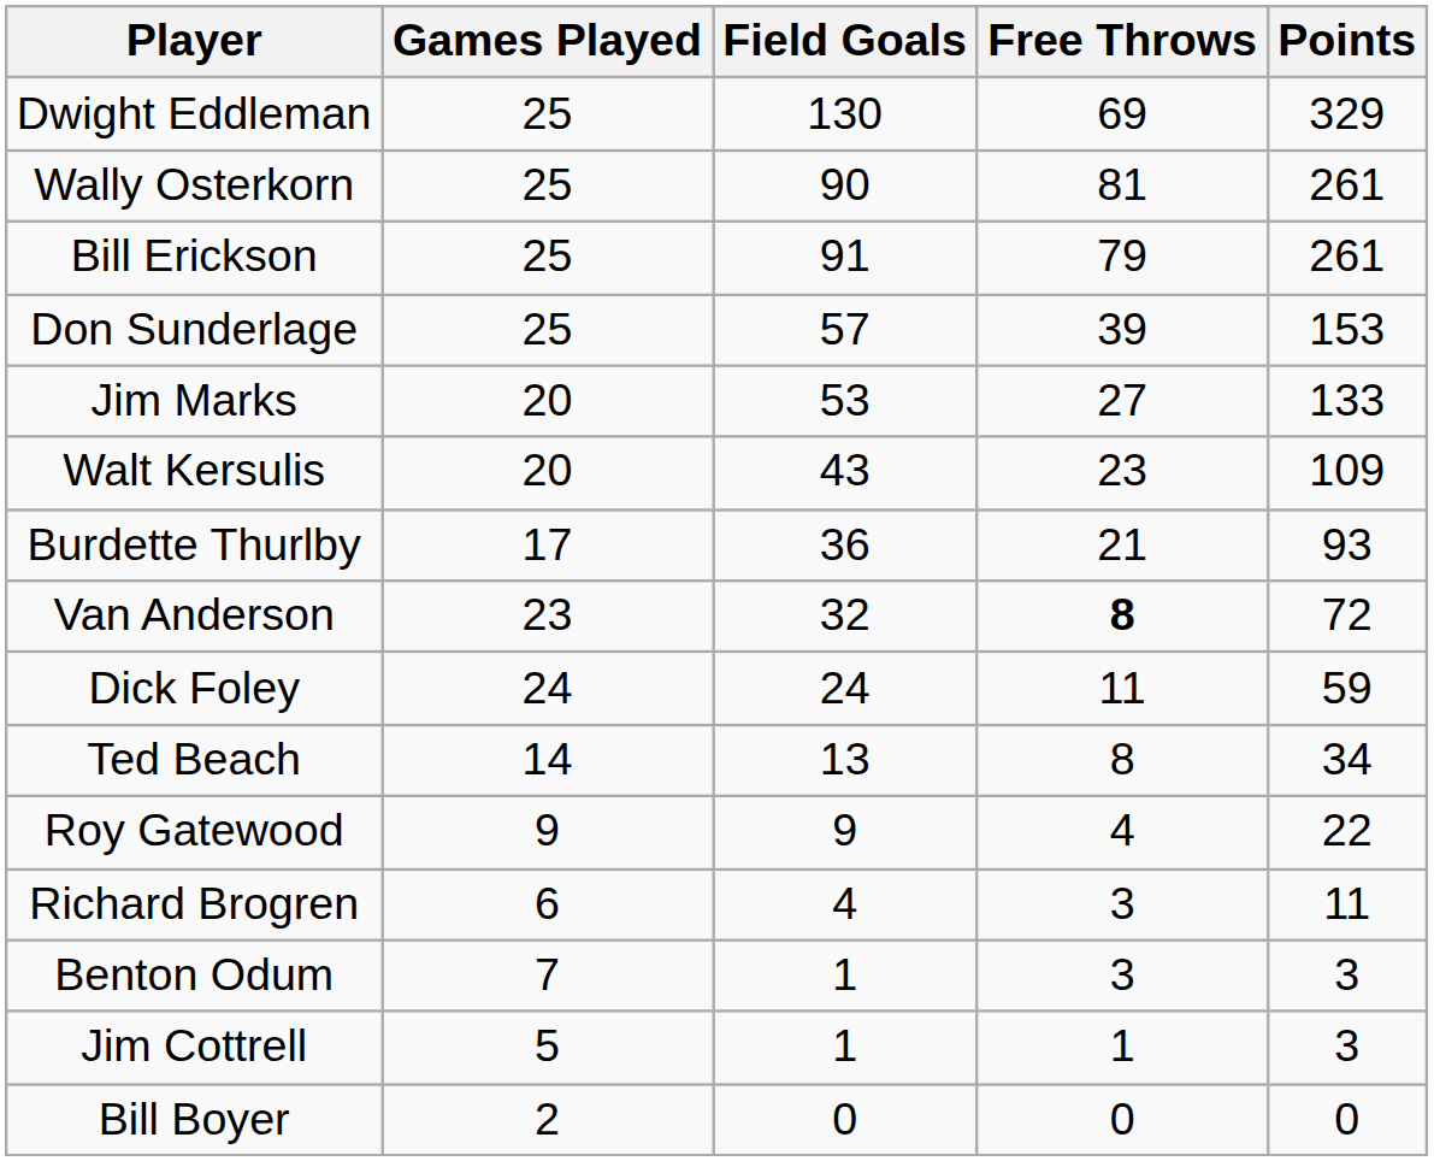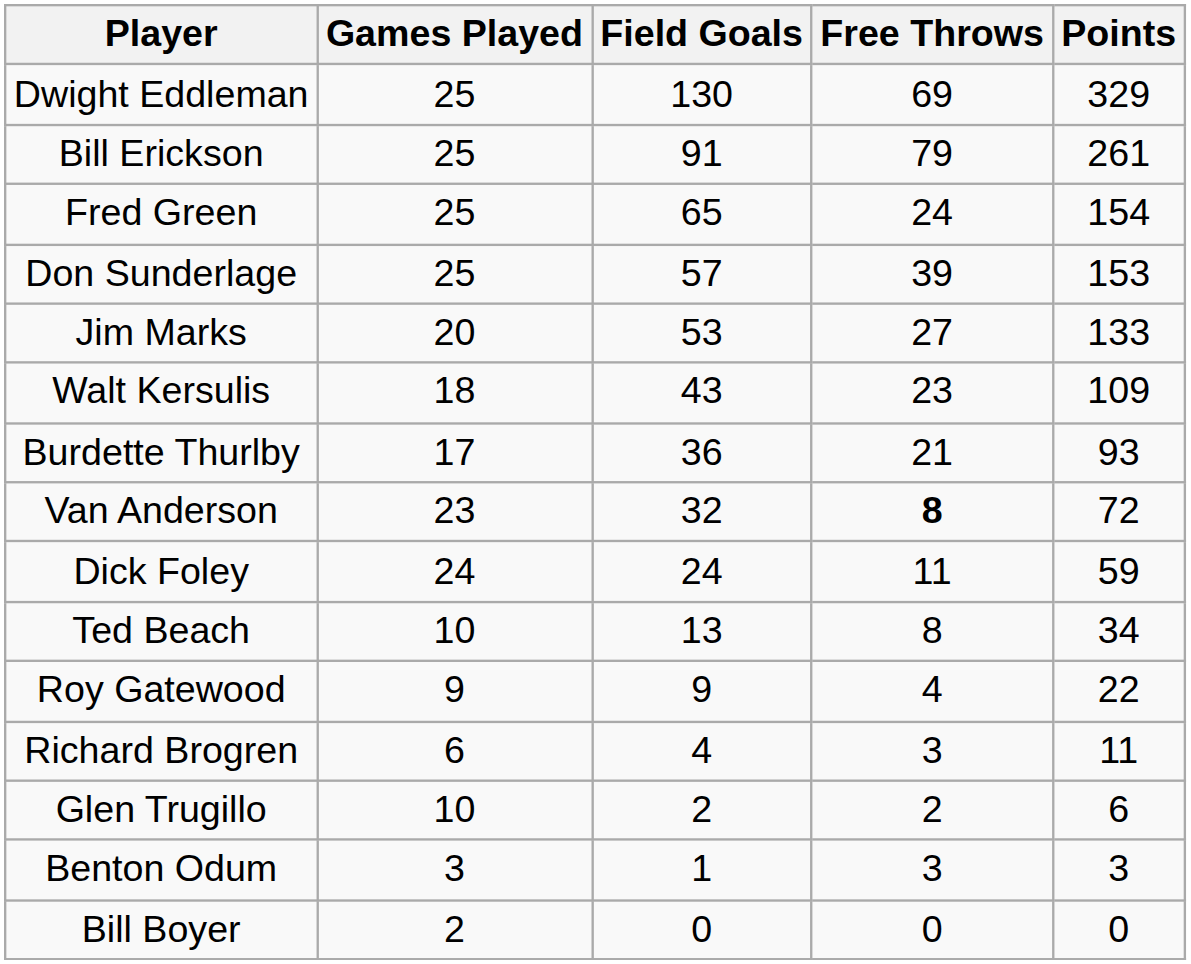 <table class="wikitable sortable">
 <tr>
 <th>Player</th>
 <th>Games Played</th>
 <th>Field Goals</th>
 <th>Free Throws</th>
 <th>Points</th>
 </tr>
 <tr align="center" bgcolor="">
 <td>Dwight Eddleman</td>
 <td>25</td>
 <td>130</td>
 <td>69</td>
 <td>329</td>
 </tr>
 <tr align="center" bgcolor="">
-<td>Wally Osterkorn</td>
-<td>25</td>
-<td>90</td>
-<td>81</td>
-<td>261</td>
-</tr>
-<tr align="center" bgcolor="">
 <td>Bill Erickson</td>
 <td>25</td>
 <td>91</td>
 <td>79</td>
 <td>261</td>
+</tr>
+<tr align="center" bgcolor="">
+<td>Fred Green</td>
+<td>25</td>
+<td>65</td>
+<td>24</td>
+<td>154</td>
 </tr>
 <tr align="center" bgcolor="">
 <td>Don Sunderlage</td>
 <td>25</td>
 <td>57</td>
 <td>39</td>
 <td>153</td>
 </tr>
 <tr align="center" bgcolor="">
 <td>Jim Marks</td>
 <td>20</td>
 <td>53</td>
 <td>27</td>
 <td>133</td>
 </tr>
 <tr align="center" bgcolor="">
 <td>Walt Kersulis</td>
-<td>20</td>
+<td>18</td>
 <td>43</td>
 <td>23</td>
 <td>109</td>
 </tr>
 <tr align="center" bgcolor="">
 <td>Burdette Thurlby</td>
 <td>17</td>
 <td>36</td>
 <td>21</td>
 <td>93</td>
 </tr>
 <tr align="center" bgcolor="">
 <td>Van Anderson</td>
 <td>23</td>
 <td>32</td>
 <td><strong>8</strong></td>
 <td>72</td>
 </tr>
 <tr align="center" bgcolor="">
 <td>Dick Foley</td>
 <td>24</td>
 <td>24</td>
 <td>11</td>
 <td>59</td>
 </tr>
 <tr align="center" bgcolor="">
 <td>Ted Beach</td>
-<td>14</td>
+<td>10</td>
 <td>13</td>
 <td>8</td>
 <td>34</td>
 </tr>
 <tr align="center" bgcolor="">
 <td>Roy Gatewood</td>
 <td>9</td>
 <td>9</td>
 <td>4</td>
 <td>22</td>
 </tr>
 <tr align="center" bgcolor="">
 <td>Richard Brogren</td>
 <td>6</td>
 <td>4</td>
 <td>3</td>
 <td>11</td>
 </tr>
 <tr align="center" bgcolor="">
+<td>Glen Trugillo</td>
+<td>10</td>
+<td>2</td>
+<td>2</td>
+<td>6</td>
+</tr>
+<tr align="center" bgcolor="">
 <td>Benton Odum</td>
-<td>7</td>
+<td>3</td>
 <td>1</td>
 <td>3</td>
-<td>3</td>
-</tr>
-<tr align="center" bgcolor="">
-<td>Jim Cottrell</td>
-<td>5</td>
-<td>1</td>
-<td>1</td>
 <td>3</td>
 </tr>
 <tr align="center" bgcolor="">
 <td>Bill Boyer</td>
 <td>2</td>
 <td>0</td>
 <td>0</td>
 <td>0</td>
 </tr>
 <tr align="center" bgcolor="">
 </tr>
 </table>
